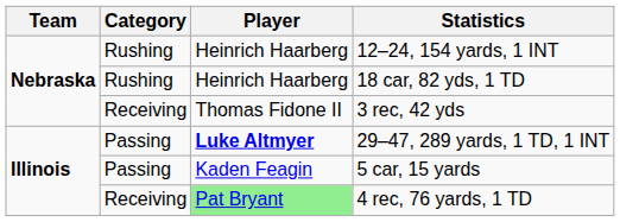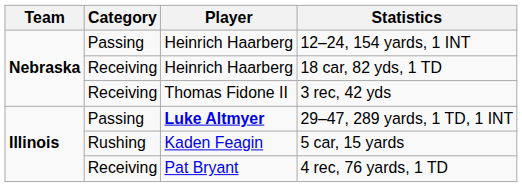 <table class="wikitable" style="float: right;">
 <tr>
 <th>Team</th>
 <th>Category</th>
 <th>Player</th>
 <th>Statistics</th>
 </tr>
 <tr>
 <td rowspan=3><strong>Nebraska</strong></td>
-<td>Rushing</td>
+<td>Passing</td>
 <td>Heinrich Haarberg</td>
 <td>12–24, 154 yards, 1 INT</td>
 </tr>
 <tr>
-<td>Rushing</td>
+<td>Receiving</td>
 <td>Heinrich Haarberg</td>
 <td>18 car, 82 yds, 1 TD</td>
 </tr>
 <tr>
 <td>Receiving</td>
 <td>Thomas Fidone II</td>
 <td>3 rec, 42 yds</td>
 </tr>
 <tr>
 <td rowspan=3><strong>Illinois</strong></td>
 <td>Passing</td>
 <td><strong><a href='#'>Luke Altmyer</a></strong></td>
 <td>29–47, 289 yards, 1 TD, 1 INT</td>
 </tr>
 <tr>
-<td>Passing</td>
+<td>Rushing</td>
 <td><a href='#'>Kaden Feagin</a></td>
 <td>5 car, 15 yards</td>
 </tr>
 <tr>
 <td>Receiving</td>
-<td style="background: lightgreen;"><a href='#'>Pat Bryant</a></td>
+<td><a href='#'>Pat Bryant</a></td>
 <td>4 rec, 76 yards, 1 TD</td>
 </tr>
 </table>
